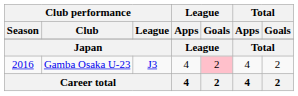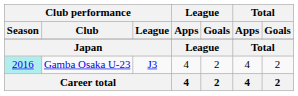 <table class="wikitable" style="text-align:center">
 <tr>
 <th colspan=3>Club performance</th>
 <th colspan=2>League</th>
 <th colspan=2>Total</th>
 </tr>
 <tr>
 <th>Season</th>
 <th>Club</th>
 <th>League</th>
 <th>Apps</th>
 <th>Goals</th>
 <th>Apps</th>
 <th>Goals</th>
 </tr>
 <tr>
 </tr>
 <tr>
 <th colspan=3>Japan</th>
 <th colspan=2>League</th>
 <th colspan=2>Total</th>
 </tr>
 <tr>
-<td><a href='#'>2016</a></td>
+<td style="background: paleturquoise;"><a href='#'>2016</a></td>
 <td rowspan="1"><a href='#'>Gamba Osaka U-23</a></td>
 <td rowspan="1"><a href='#'>J3</a></td>
 <td>4</td>
-<td style="background: pink;">2</td>
+<td>2</td>
 <td>4</td>
 <td>2</td>
 </tr>
 <tr>
 <th colspan=3>Career total</th>
 <th>4</th>
 <th>2</th>
 <th>4</th>
 <th>2</th>
 </tr>
 </table>
